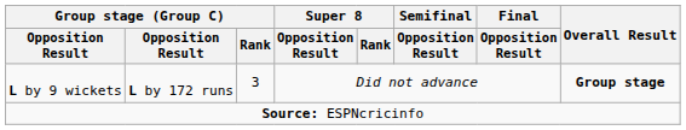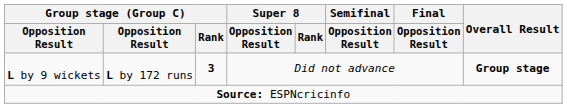 <table class=wikitable style=font-size:90%;text-align:center>
 <tr>
 <th colspan=3>Group stage (Group C)</th>
 <th colspan=2>Super 8</th>
 <th>Semifinal</th>
 <th>Final</th>
 <th rowspan=2>Overall Result</th>
 </tr>
 <tr style=font-size:95%>
 <th>Opposition<br>Result</th>
 <th>Opposition<br>Result</th>
 <th>Rank</th>
 <th>Opposition<br>Result</th>
 <th>Rank</th>
 <th>Opposition<br>Result</th>
 <th>Opposition<br>Result</th>
 </tr>
 <tr>
 <td><br><strong>L</strong> by 9 wickets</td>
 <td><br><strong>L</strong> by 172 runs</td>
-<td>3</td>
+<td><strong>3</strong></td>
 <td colspan="4"><em>Did not advance</em></td>
 <td><strong>Group stage</strong></td>
 </tr>
 <tr>
 <td colspan="14"><strong>Source:</strong> ESPNcricinfo</td>
 </tr>
 </table>
